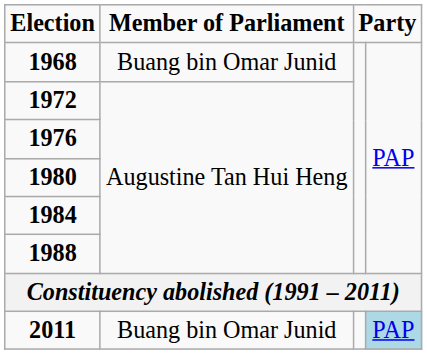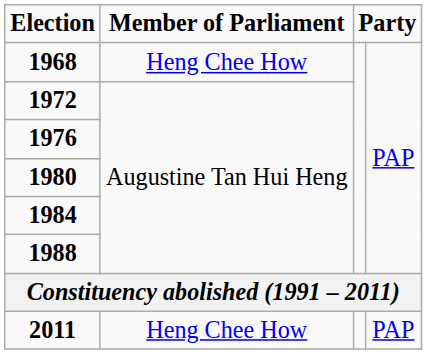 <table class="wikitable" align="center" style="text-align:center">
 <tr>
 <td><strong>Election </strong></td>
 <td><strong>Member of Parliament</strong></td>
 <td colspan="2"><strong>Party</strong></td>
 </tr>
 <tr>
 <td><strong>1968</strong></td>
-<td>Buang bin Omar Junid</td>
+<td><a href='#'>Heng Chee How</a></td>
 <td rowspan="6"></td>
 <td rowspan="6"><a href='#'>PAP</a></td>
 </tr>
 <tr>
 <td><strong>1972</strong></td>
 <td rowspan="5">Augustine Tan Hui Heng</td>
 </tr>
 <tr>
 <td><strong>1976</strong></td>
 </tr>
 <tr>
 <td><strong>1980</strong></td>
 </tr>
 <tr>
 <td><strong>1984</strong></td>
 </tr>
 <tr>
 <td><strong>1988</strong></td>
 </tr>
 <tr>
 <th colspan="4"><em>Constituency abolished (1991 – 2011)</em></th>
 </tr>
 <tr>
 <td><strong>2011</strong></td>
-<td>Buang bin Omar Junid</td>
+<td><a href='#'>Heng Chee How</a></td>
 <td></td>
-<td style="background: lightblue;"><a href='#'>PAP</a></td>
+<td><a href='#'>PAP</a></td>
 </tr>
 </table>
